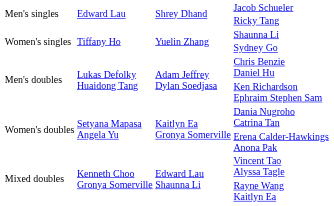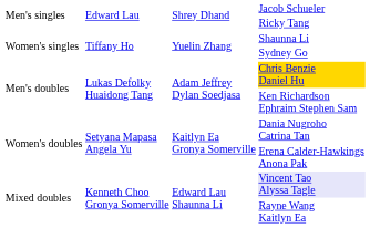 <table>
 <tr>
 <td rowspan="2">Men's singles</td>
 <td rowspan="2"> <a href='#'>Edward Lau</a></td>
 <td rowspan="2"> <a href='#'>Shrey Dhand</a></td>
 <td> <a href='#'>Jacob Schueler</a></td>
 </tr>
 <tr>
 <td> <a href='#'>Ricky Tang</a></td>
 </tr>
 <tr>
 <td rowspan="2">Women's singles</td>
 <td rowspan="2"> <a href='#'>Tiffany Ho</a></td>
 <td rowspan="2"> <a href='#'>Yuelin Zhang</a></td>
 <td> <a href='#'>Shaunna Li</a></td>
 </tr>
 <tr>
 <td> <a href='#'>Sydney Go</a></td>
 </tr>
 <tr>
 <td rowspan="2">Men's doubles</td>
 <td rowspan="2"> <a href='#'>Lukas Defolky</a><br> <a href='#'>Huaidong Tang</a></td>
 <td rowspan="2"> <a href='#'>Adam Jeffrey</a><br> <a href='#'>Dylan Soedjasa</a></td>
-<td> <a href='#'>Chris Benzie</a><br> <a href='#'>Daniel Hu</a></td>
+<td style="background: gold;"> <a href='#'>Chris Benzie</a><br> <a href='#'>Daniel Hu</a></td>
 </tr>
 <tr>
 <td> <a href='#'>Ken Richardson</a><br> <a href='#'>Ephraim Stephen Sam</a></td>
 </tr>
 <tr>
 <td rowspan="2">Women's doubles</td>
 <td rowspan="2"> <a href='#'>Setyana Mapasa</a><br> <a href='#'>Angela Yu</a></td>
 <td rowspan="2"> <a href='#'>Kaitlyn Ea</a><br> <a href='#'>Gronya Somerville</a></td>
 <td> <a href='#'>Dania Nugroho</a><br> <a href='#'>Catrina Tan</a></td>
 </tr>
 <tr>
 <td> <a href='#'>Erena Calder-Hawkings</a><br> <a href='#'>Anona Pak</a></td>
 </tr>
 <tr>
 <td rowspan="2">Mixed doubles</td>
 <td rowspan="2"> <a href='#'>Kenneth Choo</a><br> <a href='#'>Gronya Somerville</a></td>
 <td rowspan="2"> <a href='#'>Edward Lau</a><br> <a href='#'>Shaunna Li</a></td>
-<td> <a href='#'>Vincent Tao</a><br> <a href='#'>Alyssa Tagle</a></td>
+<td style="background: lavender;"> <a href='#'>Vincent Tao</a><br> <a href='#'>Alyssa Tagle</a></td>
 </tr>
 <tr>
 <td> <a href='#'>Rayne Wang</a><br> <a href='#'>Kaitlyn Ea</a></td>
 </tr>
 </table>
